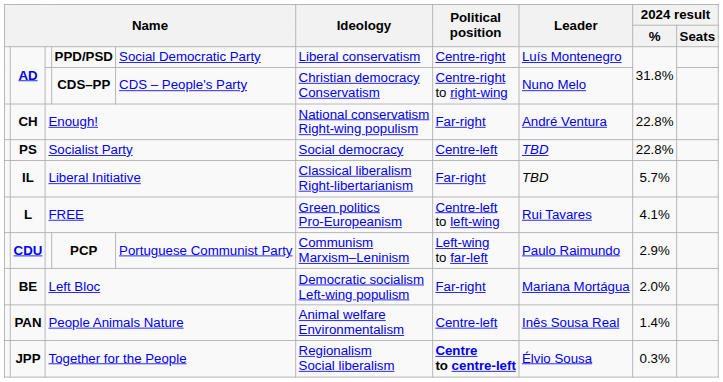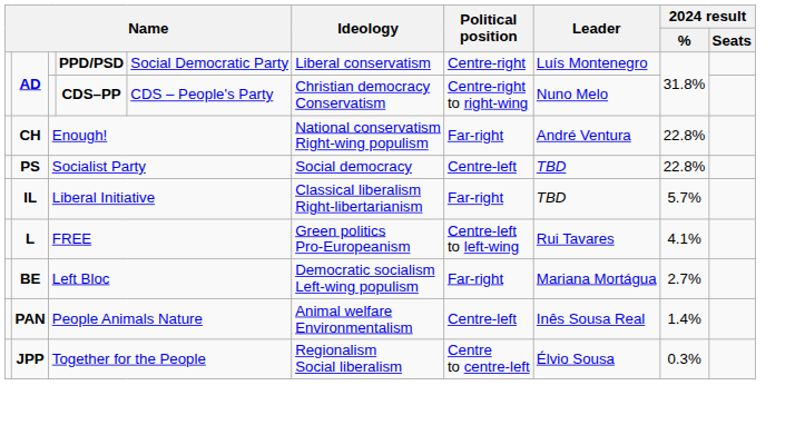 <table class="wikitable">
 <tr>
 <th colspan="5" rowspan="2">Name</th>
 <th rowspan="2">Ideology</th>
 <th rowspan="2">Political<br>position</th>
 <th rowspan="2">Leader</th>
 <th colspan="2">2024 result</th>
 </tr>
 <tr>
 <th>%</th>
 <th>Seats</th>
 </tr>
 <tr>
 <td rowspan="2" style="background:"></td>
 <td rowspan="2" style="text-align:center;"><a href='#'><strong>AD</strong></a></td>
 <td style="background:"></td>
 <td style="text-align:center;"><strong>PPD/PSD</strong></td>
 <td><a href='#'>Social Democratic Party</a><br></td>
 <td><a href='#'>Liberal conservatism</a></td>
 <td><a href='#'>Centre-right</a></td>
 <td><a href='#'>Luís Montenegro</a></td>
 <td rowspan="2" style="text-align:center;">31.8%</td>
 <td></td>
 </tr>
 <tr>
 <td style="background:"></td>
 <td style="text-align:center;"><strong>CDS–PP</strong></td>
 <td><a href='#'>CDS – People's Party</a><br></td>
 <td><a href='#'>Christian democracy</a><br><a href='#'>Conservatism</a></td>
 <td><a href='#'>Centre-right</a><br>to <a href='#'>right-wing</a></td>
 <td><a href='#'>Nuno Melo</a></td>
 <td></td>
 </tr>
 <tr>
 <td style="background:"></td>
 <td style="text-align:center;"><strong>CH</strong></td>
 <td colspan="3"><a href='#'>Enough!</a><br></td>
 <td><a href='#'>National conservatism</a><br><a href='#'>Right-wing populism</a></td>
 <td><a href='#'>Far-right</a></td>
 <td><a href='#'>André Ventura</a></td>
 <td style="text-align:center;">22.8%</td>
 <td></td>
 </tr>
 <tr>
 <td style="background:"></td>
 <td style="text-align:center;"><strong>PS</strong></td>
 <td colspan="3"><a href='#'>Socialist Party</a><br></td>
 <td><a href='#'>Social democracy</a></td>
 <td><a href='#'>Centre-left</a></td>
 <td><a href='#'><em>TBD</em></a></td>
 <td style="text-align:center;">22.8%</td>
 <td></td>
 </tr>
 <tr>
 <td style="background:"></td>
 <td style="text-align:center;"><strong>IL</strong></td>
 <td colspan="3"><a href='#'>Liberal Initiative</a><br></td>
 <td><a href='#'>Classical liberalism</a><br><a href='#'>Right-libertarianism</a></td>
 <td><a href='#'>Far-right</a></td>
 <td><em>TBD</em></td>
 <td style="text-align:center;">5.7%</td>
 <td></td>
 </tr>
 <tr>
 <td style="background:"></td>
 <td style="text-align:center;"><strong>L</strong></td>
 <td colspan="3"><a href='#'>FREE</a><br></td>
 <td><a href='#'>Green politics</a><br><a href='#'>Pro-Europeanism</a></td>
 <td><a href='#'>Centre-left</a><br>to <a href='#'>left-wing</a></td>
 <td><a href='#'>Rui Tavares</a></td>
 <td style="text-align:center;">4.1%</td>
 <td></td>
 </tr>
 <tr>
 <td style="background:"></td>
-<td style="text-align:center;"><a href='#'><strong>CDU</strong></a></td>
-<td style="background:"></td>
-<td style="text-align:center;"><strong>PCP</strong></td>
-<td><a href='#'>Portuguese Communist Party</a><br></td>
-<td><a href='#'>Communism</a><br><a href='#'>Marxism–Leninism</a></td>
-<td><a href='#'>Left-wing</a><br>to <a href='#'>far-left</a></td>
-<td><a href='#'>Paulo Raimundo</a></td>
-<td style="text-align:center;">2.9%</td>
-<td></td>
-</tr>
-<tr>
-<td style="background:"></td>
 <td style="text-align:center;"><strong>BE</strong></td>
 <td colspan="3"><a href='#'>Left Bloc</a><br></td>
 <td><a href='#'>Democratic socialism</a><br><a href='#'>Left-wing populism</a></td>
 <td><a href='#'>Far-right</a></td>
 <td><a href='#'>Mariana Mortágua</a></td>
-<td style="text-align:center;">2.0%</td>
+<td style="text-align:center;">2.7%</td>
 <td></td>
 </tr>
 <tr>
 <td style="background:"></td>
 <td style="text-align:center;"><strong>PAN</strong></td>
 <td colspan="3"><a href='#'>People Animals Nature</a><br></td>
 <td><a href='#'>Animal welfare</a><br><a href='#'>Environmentalism</a></td>
 <td><a href='#'>Centre-left</a></td>
 <td><a href='#'>Inês Sousa Real</a></td>
 <td style="text-align:center;">1.4%</td>
 <td></td>
 </tr>
 <tr>
 <td style="color:inherit;background:"></td>
 <td style="text-align:center;"><strong>JPP</strong></td>
 <td colspan="3"><a href='#'>Together for the People</a><br></td>
 <td><a href='#'>Regionalism</a><br><a href='#'>Social liberalism</a></td>
-<td><strong><a href='#'>Centre</a><br>to <a href='#'>centre-left</a></strong></td>
+<td><a href='#'>Centre</a><br>to <a href='#'>centre-left</a></td>
 <td><a href='#'>Élvio Sousa</a></td>
 <td style="text-align:center;">0.3%</td>
 <td></td>
 </tr>
 </table>
